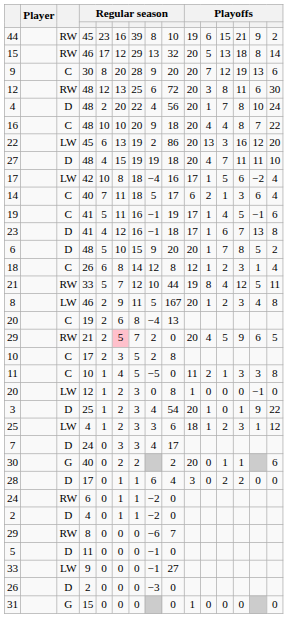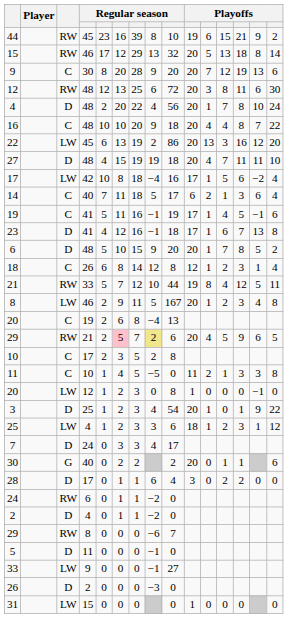 <table class="wikitable sortable plainrowheaders" style="text-align:center;">
 <tr>
 <th scope="col" data-sort-type="number" rowspan="2"></th>
 <th scope="col" rowspan="2">Player</th>
 <th scope="col" rowspan="2"></th>
 <th scope=colgroup colspan=6>Regular season</th>
 <th scope=colgroup colspan=6>Playoffs</th>
 </tr>
 <tr>
 <th scope="col" data-sort-type="number"></th>
 <th scope="col" data-sort-type="number"></th>
 <th scope="col" data-sort-type="number"></th>
 <th scope="col" data-sort-type="number"></th>
 <th scope="col" data-sort-type="number"></th>
 <th scope="col" data-sort-type="number"></th>
 <th scope="col" data-sort-type="number"></th>
 <th scope="col" data-sort-type="number"></th>
 <th scope="col" data-sort-type="number"></th>
 <th scope="col" data-sort-type="number"></th>
 <th scope="col" data-sort-type="number"></th>
 <th scope="col" data-sort-type="number"></th>
 </tr>
 <tr>
 <td scope="row">44</td>
 <td align="left"></td>
 <td>RW</td>
 <td>45</td>
 <td>23</td>
 <td>16</td>
 <td>39</td>
 <td>8</td>
 <td>10</td>
 <td>19</td>
 <td>6</td>
 <td>15</td>
 <td>21</td>
 <td>9</td>
 <td>2</td>
 </tr>
 <tr>
 <td scope="row">15</td>
 <td align="left"></td>
 <td>RW</td>
 <td>46</td>
 <td>17</td>
 <td>12</td>
 <td>29</td>
 <td>13</td>
 <td>32</td>
 <td>20</td>
 <td>5</td>
 <td>13</td>
 <td>18</td>
 <td>8</td>
 <td>14</td>
 </tr>
 <tr>
 <td scope="row">9</td>
 <td align="left"></td>
 <td>C</td>
 <td>30</td>
 <td>8</td>
 <td>20</td>
 <td>28</td>
 <td>9</td>
 <td>20</td>
 <td>20</td>
 <td>7</td>
 <td>12</td>
 <td>19</td>
 <td>13</td>
 <td>6</td>
 </tr>
 <tr>
 <td scope="row">12</td>
 <td align="left"></td>
 <td>RW</td>
 <td>48</td>
 <td>12</td>
 <td>13</td>
 <td>25</td>
 <td>6</td>
 <td>72</td>
 <td>20</td>
 <td>3</td>
 <td>8</td>
 <td>11</td>
 <td>6</td>
 <td>30</td>
 </tr>
 <tr>
 <td scope="row">4</td>
 <td align="left"></td>
 <td>D</td>
 <td>48</td>
 <td>2</td>
 <td>20</td>
 <td>22</td>
 <td>4</td>
 <td>56</td>
 <td>20</td>
 <td>1</td>
 <td>7</td>
 <td>8</td>
 <td>10</td>
 <td>24</td>
 </tr>
 <tr>
 <td scope="row">16</td>
 <td align="left"></td>
 <td>C</td>
 <td>48</td>
 <td>10</td>
 <td>10</td>
 <td>20</td>
 <td>9</td>
 <td>18</td>
 <td>20</td>
 <td>4</td>
 <td>4</td>
 <td>8</td>
 <td>7</td>
 <td>22</td>
 </tr>
 <tr>
 <td scope="row">22</td>
 <td align="left"></td>
 <td>LW</td>
 <td>45</td>
 <td>6</td>
 <td>13</td>
 <td>19</td>
 <td>2</td>
 <td>86</td>
 <td>20</td>
 <td>13</td>
 <td>3</td>
 <td>16</td>
 <td>12</td>
 <td>20</td>
 </tr>
 <tr>
 <td scope="row">27</td>
 <td align="left"></td>
 <td>D</td>
 <td>48</td>
 <td>4</td>
 <td>15</td>
 <td>19</td>
 <td>19</td>
 <td>18</td>
 <td>20</td>
 <td>4</td>
 <td>7</td>
 <td>11</td>
 <td>11</td>
 <td>10</td>
 </tr>
 <tr>
 <td scope="row">17</td>
 <td align="left"></td>
 <td>LW</td>
 <td>42</td>
 <td>10</td>
 <td>8</td>
 <td>18</td>
 <td>−4</td>
 <td>16</td>
 <td>17</td>
 <td>1</td>
 <td>5</td>
 <td>6</td>
 <td>−2</td>
 <td>4</td>
 </tr>
 <tr>
 <td scope="row">14</td>
 <td align="left"></td>
 <td>C</td>
 <td>40</td>
 <td>7</td>
 <td>11</td>
 <td>18</td>
 <td>5</td>
 <td>17</td>
 <td>6</td>
 <td>2</td>
 <td>1</td>
 <td>3</td>
 <td>6</td>
 <td>4</td>
 </tr>
 <tr>
 <td scope="row">19</td>
 <td align="left"></td>
 <td>C</td>
 <td>41</td>
 <td>5</td>
 <td>11</td>
 <td>16</td>
 <td>−1</td>
 <td>19</td>
 <td>17</td>
 <td>1</td>
 <td>4</td>
 <td>5</td>
 <td>−1</td>
 <td>6</td>
 </tr>
 <tr>
 <td scope="row">23</td>
 <td align="left"></td>
 <td>D</td>
 <td>41</td>
 <td>4</td>
 <td>12</td>
 <td>16</td>
 <td>−1</td>
 <td>18</td>
 <td>17</td>
 <td>1</td>
 <td>6</td>
 <td>7</td>
 <td>13</td>
 <td>8</td>
 </tr>
 <tr>
 <td scope="row">6</td>
 <td align="left"></td>
 <td>D</td>
 <td>48</td>
 <td>5</td>
 <td>10</td>
 <td>15</td>
 <td>9</td>
 <td>20</td>
 <td>20</td>
 <td>1</td>
 <td>7</td>
 <td>8</td>
 <td>5</td>
 <td>2</td>
 </tr>
 <tr>
 <td scope="row">18</td>
 <td align="left"></td>
 <td>C</td>
 <td>26</td>
 <td>6</td>
 <td>8</td>
 <td>14</td>
 <td>12</td>
 <td>8</td>
 <td>12</td>
 <td>1</td>
 <td>2</td>
 <td>3</td>
 <td>1</td>
 <td>4</td>
 </tr>
 <tr>
 <td scope="row">21</td>
 <td align="left"></td>
 <td>RW</td>
 <td>33</td>
 <td>5</td>
 <td>7</td>
 <td>12</td>
 <td>10</td>
 <td>44</td>
 <td>19</td>
 <td>8</td>
 <td>4</td>
 <td>12</td>
 <td>5</td>
 <td>11</td>
 </tr>
 <tr>
 <td scope="row">8</td>
 <td align="left"></td>
 <td>LW</td>
 <td>46</td>
 <td>2</td>
 <td>9</td>
 <td>11</td>
 <td>5</td>
 <td>167</td>
 <td>20</td>
 <td>1</td>
 <td>2</td>
 <td>3</td>
 <td>4</td>
 <td>8</td>
 </tr>
 <tr>
 <td scope="row">20</td>
 <td align="left"></td>
 <td>C</td>
 <td>19</td>
 <td>2</td>
 <td>6</td>
 <td>8</td>
 <td>−4</td>
 <td>13</td>
 <td></td>
 <td></td>
 <td></td>
 <td></td>
 <td></td>
 <td></td>
 </tr>
 <tr>
 <td scope="row">29</td>
 <td align="left"></td>
 <td>RW</td>
 <td>21</td>
 <td>2</td>
 <td style="background: pink;">5</td>
 <td>7</td>
-<td>2</td>
-<td>0</td>
+<td style="background: khaki;">2</td>
+<td>6</td>
 <td>20</td>
 <td>4</td>
 <td>5</td>
 <td>9</td>
 <td>6</td>
 <td>5</td>
 </tr>
 <tr>
 <td scope="row">10</td>
 <td align="left"></td>
 <td>C</td>
 <td>17</td>
 <td>2</td>
 <td>3</td>
 <td>5</td>
 <td>2</td>
 <td>8</td>
 <td></td>
 <td></td>
 <td></td>
 <td></td>
 <td></td>
 <td></td>
 </tr>
 <tr>
 <td scope="row">11</td>
 <td align="left"></td>
 <td>C</td>
 <td>10</td>
 <td>1</td>
 <td>4</td>
 <td>5</td>
 <td>−5</td>
 <td>0</td>
 <td>11</td>
 <td>2</td>
 <td>1</td>
 <td>3</td>
 <td>3</td>
 <td>8</td>
 </tr>
 <tr>
 <td scope="row">20</td>
 <td align="left"></td>
 <td>LW</td>
 <td>12</td>
 <td>1</td>
 <td>2</td>
 <td>3</td>
 <td>0</td>
 <td>8</td>
 <td>1</td>
 <td>0</td>
 <td>0</td>
 <td>0</td>
 <td>−1</td>
 <td>0</td>
 </tr>
 <tr>
 <td scope="row">3</td>
 <td align="left"></td>
 <td>D</td>
 <td>25</td>
 <td>1</td>
 <td>2</td>
 <td>3</td>
 <td>4</td>
 <td>54</td>
 <td>20</td>
 <td>1</td>
 <td>0</td>
 <td>1</td>
 <td>9</td>
 <td>22</td>
 </tr>
 <tr>
 <td scope="row">25</td>
 <td align="left"></td>
 <td>LW</td>
 <td>4</td>
 <td>1</td>
 <td>2</td>
 <td>3</td>
 <td>3</td>
 <td>6</td>
 <td>18</td>
 <td>1</td>
 <td>2</td>
 <td>3</td>
 <td>1</td>
 <td>12</td>
 </tr>
 <tr>
 <td scope="row">7</td>
 <td align="left"></td>
 <td>D</td>
 <td>24</td>
 <td>0</td>
 <td>3</td>
 <td>3</td>
 <td>4</td>
 <td>17</td>
 <td></td>
 <td></td>
 <td></td>
 <td></td>
 <td></td>
 <td></td>
 </tr>
 <tr>
 <td scope="row">30</td>
 <td align="left"></td>
 <td>G</td>
 <td>40</td>
 <td>0</td>
 <td>2</td>
 <td>2</td>
 <td style="background:#ccc"></td>
 <td>2</td>
 <td>20</td>
 <td>0</td>
 <td>1</td>
 <td>1</td>
 <td style="background:#ccc"></td>
 <td>6</td>
 </tr>
 <tr>
 <td scope="row">28</td>
 <td align="left"></td>
 <td>D</td>
 <td>17</td>
 <td>0</td>
 <td>1</td>
 <td>1</td>
 <td>6</td>
 <td>4</td>
 <td>3</td>
 <td>0</td>
 <td>2</td>
 <td>2</td>
 <td>0</td>
 <td>0</td>
 </tr>
 <tr>
 <td scope="row">24</td>
 <td align="left"></td>
 <td>RW</td>
 <td>6</td>
 <td>0</td>
 <td>1</td>
 <td>1</td>
 <td>−2</td>
 <td>0</td>
 <td></td>
 <td></td>
 <td></td>
 <td></td>
 <td></td>
 <td></td>
 </tr>
 <tr>
 <td scope="row">2</td>
 <td align="left"></td>
 <td>D</td>
 <td>4</td>
 <td>0</td>
 <td>1</td>
 <td>1</td>
 <td>−2</td>
 <td>0</td>
 <td></td>
 <td></td>
 <td></td>
 <td></td>
 <td></td>
 <td></td>
 </tr>
 <tr>
 <td scope="row">29</td>
 <td align="left"></td>
 <td>RW</td>
 <td>8</td>
 <td>0</td>
 <td>0</td>
 <td>0</td>
 <td>−6</td>
 <td>7</td>
 <td></td>
 <td></td>
 <td></td>
 <td></td>
 <td></td>
 <td></td>
 </tr>
 <tr>
 <td scope="row">5</td>
 <td align="left"></td>
 <td>D</td>
 <td>11</td>
 <td>0</td>
 <td>0</td>
 <td>0</td>
 <td>−1</td>
 <td>0</td>
 <td></td>
 <td></td>
 <td></td>
 <td></td>
 <td></td>
 <td></td>
 </tr>
 <tr>
 <td scope="row">33</td>
 <td align="left"></td>
 <td>LW</td>
 <td>9</td>
 <td>0</td>
 <td>0</td>
 <td>0</td>
 <td>−1</td>
 <td>27</td>
 <td></td>
 <td></td>
 <td></td>
 <td></td>
 <td></td>
 <td></td>
 </tr>
 <tr>
 <td scope="row">26</td>
 <td align="left"></td>
 <td>D</td>
 <td>2</td>
 <td>0</td>
 <td>0</td>
 <td>0</td>
 <td>−3</td>
 <td>0</td>
 <td></td>
 <td></td>
 <td></td>
 <td></td>
 <td></td>
 <td></td>
 </tr>
 <tr>
 <td scope="row">31</td>
 <td align="left"></td>
-<td>G</td>
+<td>LW</td>
 <td>15</td>
 <td>0</td>
 <td>0</td>
 <td>0</td>
 <td style="background:#ccc"></td>
 <td>0</td>
 <td>1</td>
 <td>0</td>
 <td>0</td>
 <td>0</td>
 <td style="background:#ccc"></td>
 <td>0</td>
 </tr>
 </table>
